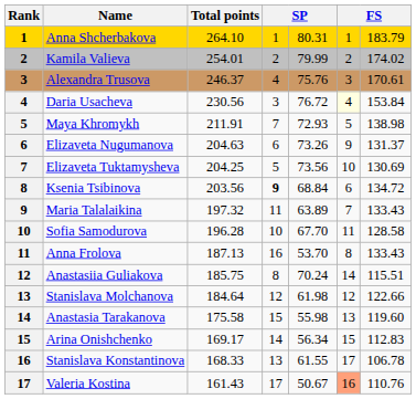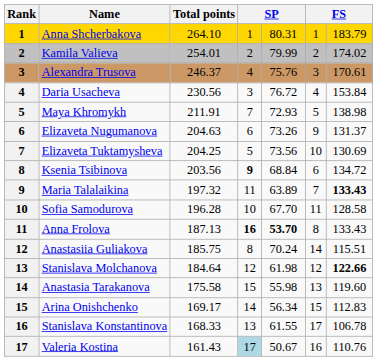 <table class="wikitable sortable">
 <tr>
 <th>Rank</th>
 <th>Name</th>
 <th>Total points</th>
 <th colspan="2" width="80px"><a href='#'>SP</a></th>
 <th colspan="2" width="80px"><a href='#'>FS</a></th>
 </tr>
 <tr bgcolor="gold">
 <td align="center"><strong>1</strong></td>
 <td><a href='#'>Anna Shcherbakova</a></td>
 <td align="center">264.10</td>
 <td align="center">1</td>
 <td align="center">80.31</td>
 <td align="center">1</td>
 <td align="center">183.79</td>
 </tr>
 <tr bgcolor="silver">
 <td align="center"><strong>2</strong></td>
 <td><a href='#'>Kamila Valieva</a></td>
 <td align="center">254.01</td>
 <td align="center">2</td>
 <td align="center">79.99</td>
 <td align="center">2</td>
 <td align="center">174.02</td>
 </tr>
 <tr bgcolor="cc9966">
 <td align="center"><strong>3</strong></td>
 <td><a href='#'>Alexandra Trusova</a></td>
 <td align="center">246.37</td>
 <td align="center">4</td>
 <td align="center">75.76</td>
 <td align="center">3</td>
 <td align="center">170.61</td>
 </tr>
 <tr>
 <th>4</th>
 <td><a href='#'>Daria Usacheva</a></td>
 <td align="center">230.56</td>
 <td align="center">3</td>
 <td align="center">76.72</td>
-<td align="center" style="background: lightyellow;">4</td>
+<td align="center">4</td>
 <td align="center">153.84</td>
 </tr>
 <tr>
 <th>5</th>
 <td><a href='#'>Maya Khromykh</a></td>
 <td align="center">211.91</td>
 <td align="center">7</td>
 <td align="center">72.93</td>
 <td align="center">5</td>
 <td align="center">138.98</td>
 </tr>
 <tr>
 <th>6</th>
 <td><a href='#'>Elizaveta Nugumanova</a></td>
 <td align="center">204.63</td>
 <td align="center">6</td>
 <td align="center">73.26</td>
 <td align="center">9</td>
 <td align="center">131.37</td>
 </tr>
 <tr>
 <th>7</th>
 <td><a href='#'>Elizaveta Tuktamysheva</a></td>
 <td align="center">204.25</td>
 <td align="center">5</td>
 <td align="center">73.56</td>
 <td align="center">10</td>
 <td align="center">130.69</td>
 </tr>
 <tr>
 <th>8</th>
 <td><a href='#'>Ksenia Tsibinova</a></td>
 <td align="center">203.56</td>
 <td align="center"><strong>9</strong></td>
 <td align="center">68.84</td>
 <td align="center">6</td>
 <td align="center">134.72</td>
 </tr>
 <tr>
 <th>9</th>
 <td><a href='#'>Maria Talalaikina</a></td>
 <td align="center">197.32</td>
 <td align="center">11</td>
 <td align="center">63.89</td>
 <td align="center">7</td>
-<td align="center">133.43</td>
+<td align="center"><strong>133.43</strong></td>
 </tr>
 <tr>
 <th>10</th>
 <td><a href='#'>Sofia Samodurova</a></td>
 <td align="center">196.28</td>
 <td align="center">10</td>
 <td align="center">67.70</td>
 <td align="center">11</td>
 <td align="center">128.58</td>
 </tr>
 <tr>
 <th>11</th>
 <td><a href='#'>Anna Frolova</a></td>
 <td align="center">187.13</td>
-<td align="center">16</td>
-<td align="center">53.70</td>
+<td align="center"><strong>16</strong></td>
+<td align="center"><strong>53.70</strong></td>
 <td align="center">8</td>
 <td align="center">133.43</td>
 </tr>
 <tr>
 <th>12</th>
 <td><a href='#'>Anastasiia Guliakova</a></td>
 <td align="center">185.75</td>
 <td align="center">8</td>
 <td align="center">70.24</td>
 <td align="center">14</td>
 <td align="center">115.51</td>
 </tr>
 <tr>
 <th>13</th>
 <td><a href='#'>Stanislava Molchanova</a></td>
 <td align="center">184.64</td>
 <td align="center">12</td>
 <td align="center">61.98</td>
 <td align="center">12</td>
-<td align="center">122.66</td>
+<td align="center"><strong>122.66</strong></td>
 </tr>
 <tr>
 <th>14</th>
 <td><a href='#'>Anastasia Tarakanova</a></td>
 <td align="center">175.58</td>
 <td align="center">15</td>
 <td align="center">55.98</td>
 <td align="center">13</td>
 <td align="center">119.60</td>
 </tr>
 <tr>
 <th>15</th>
 <td><a href='#'>Arina Onishchenko</a></td>
 <td align="center">169.17</td>
 <td align="center">14</td>
 <td align="center">56.34</td>
 <td align="center">15</td>
 <td align="center">112.83</td>
 </tr>
 <tr>
 <th>16</th>
 <td><a href='#'>Stanislava Konstantinova</a></td>
 <td align="center">168.33</td>
 <td align="center">13</td>
 <td align="center">61.55</td>
 <td align="center">17</td>
 <td align="center">106.78</td>
 </tr>
 <tr>
 <th>17</th>
 <td><a href='#'>Valeria Kostina</a></td>
 <td align="center">161.43</td>
-<td align="center">17</td>
+<td align="center" style="background: lightblue;">17</td>
 <td align="center">50.67</td>
-<td align="center" style="background: lightsalmon;">16</td>
+<td align="center">16</td>
 <td align="center">110.76</td>
 </tr>
 </table>
